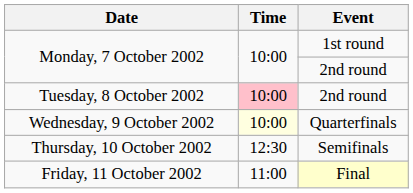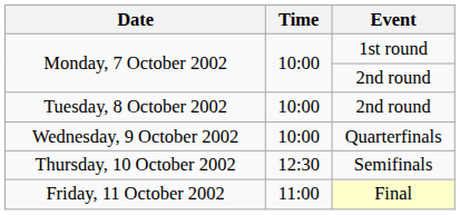 <table class = "wikitable" style="text-align:center;">
 <tr>
 <th width=220>Date</th>
 <th width=50>Time</th>
 <th width=100>Event</th>
 </tr>
 <tr>
 <td rowspan=2>Monday, 7 October 2002</td>
 <td rowspan=2>10:00</td>
 <td>1st round</td>
 </tr>
 <tr>
 <td>2nd round</td>
 </tr>
 <tr>
 <td>Tuesday, 8 October 2002</td>
-<td style="background: pink;">10:00</td>
+<td>10:00</td>
 <td>2nd round</td>
 </tr>
 <tr>
 <td>Wednesday, 9 October 2002</td>
-<td style="background: lightyellow;">10:00</td>
+<td>10:00</td>
 <td>Quarterfinals</td>
 </tr>
 <tr>
 <td>Thursday, 10 October 2002</td>
 <td>12:30</td>
 <td>Semifinals</td>
 </tr>
 <tr>
 <td>Friday, 11 October 2002</td>
 <td>11:00</td>
 <td bgcolor=ffffcc>Final</td>
 </tr>
 </table>
